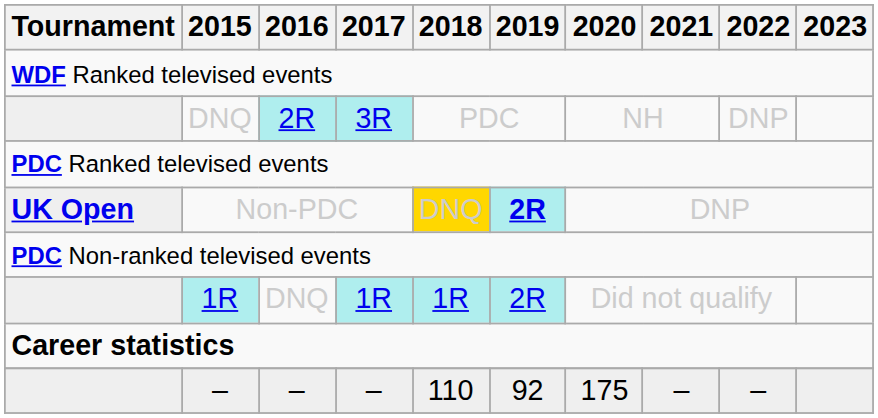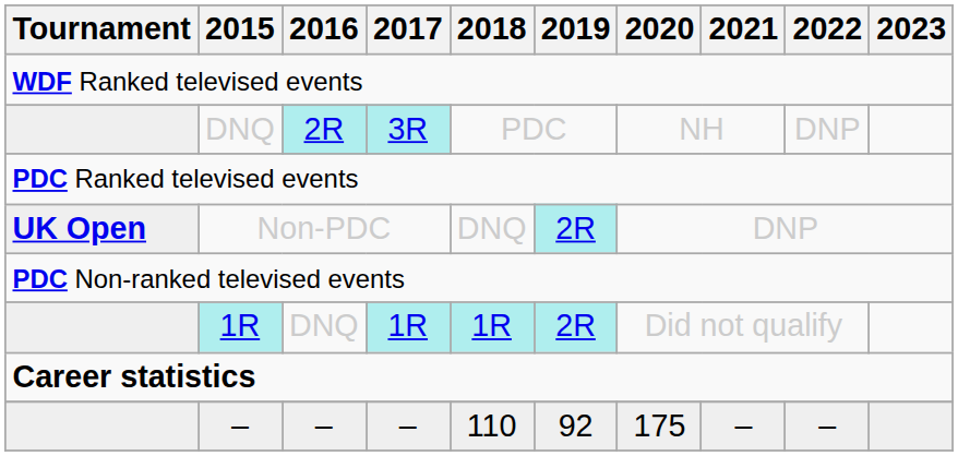 <table class="wikitable" style="width:20%; margin:0">
 <tr>
 <th>Tournament</th>
 <th>2015</th>
 <th>2016</th>
 <th>2017</th>
 <th>2018</th>
 <th>2019</th>
 <th>2020</th>
 <th>2021</th>
 <th>2022</th>
 <th>2023</th>
 </tr>
 <tr>
 <td colspan="10" style="text-align:left"><small><strong><a href='#'>WDF</a> </strong>Ranked televised events</small></td>
 </tr>
 <tr>
 <td style="background:#efefef;"></td>
 <td style="text-align:center; color:#ccc;">DNQ</td>
 <td style="text-align:center; background:#afeeee;"><a href='#'>2R</a></td>
 <td style="text-align:center; background:#afeeee;"><a href='#'>3R</a></td>
 <td colspan="2" style="text-align:center; color:#ccc;">PDC</td>
 <td colspan="2" style="text-align:center; color:#ccc;">NH</td>
 <td style="text-align:center; color:#ccc;">DNP</td>
 <td></td>
 </tr>
 <tr>
 <td colspan="10" style="text-align:left"><small><strong><a href='#'>PDC</a> </strong>Ranked televised events</small></td>
 </tr>
 <tr>
 <td style="background:#efefef;"><strong><a href='#'>UK Open</a></strong></td>
 <td colspan="3" style="text-align:center; color:#ccc;">Non-PDC</td>
-<td style="background: gold; text-align:center; color:#ccc;">DNQ</td>
-<td style="text-align:center; background:#afeeee;"><strong><a href='#'>2R</a></strong></td>
+<td style="text-align:center; color:#ccc;">DNQ</td>
+<td style="text-align:center; background:#afeeee;"><a href='#'>2R</a></td>
 <td colspan="4" style="text-align:center; color:#ccc;">DNP</td>
 </tr>
 <tr>
 <td colspan="10" style="text-align:left"><small><strong><a href='#'>PDC</a> </strong>Non-ranked televised events</small></td>
 </tr>
 <tr>
 <td style="background:#efefef;"></td>
 <td style="text-align:center; background:#afeeee;"><a href='#'>1R</a></td>
 <td style="text-align:center; color:#ccc;">DNQ</td>
 <td style="text-align:center; background:#afeeee;"><a href='#'>1R</a></td>
 <td style="text-align:center; background:#afeeee;"><a href='#'>1R</a></td>
 <td style="text-align:center; background:#afeeee;"><a href='#'>2R</a></td>
 <td colspan="3" style="text-align:center; color:#ccc;">Did not qualify</td>
 </tr>
 <tr>
 <td colspan="10" style="text-align:left"><strong>Career statistics</strong></td>
 </tr>
 <tr>
 </tr>
 <tr style="background:#efefef">
 <td style="text-align:left"><strong></strong></td>
 <td style="text-align:center;">–</td>
 <td style="text-align:center;">–</td>
 <td style="text-align:center;">–</td>
 <td style="text-align:center;">110</td>
 <td style="text-align:center;">92</td>
 <td style="text-align:center;">175</td>
 <td style="text-align:center;">–</td>
 <td style="text-align:center;">–</td>
 <td></td>
 </tr>
 </table>
